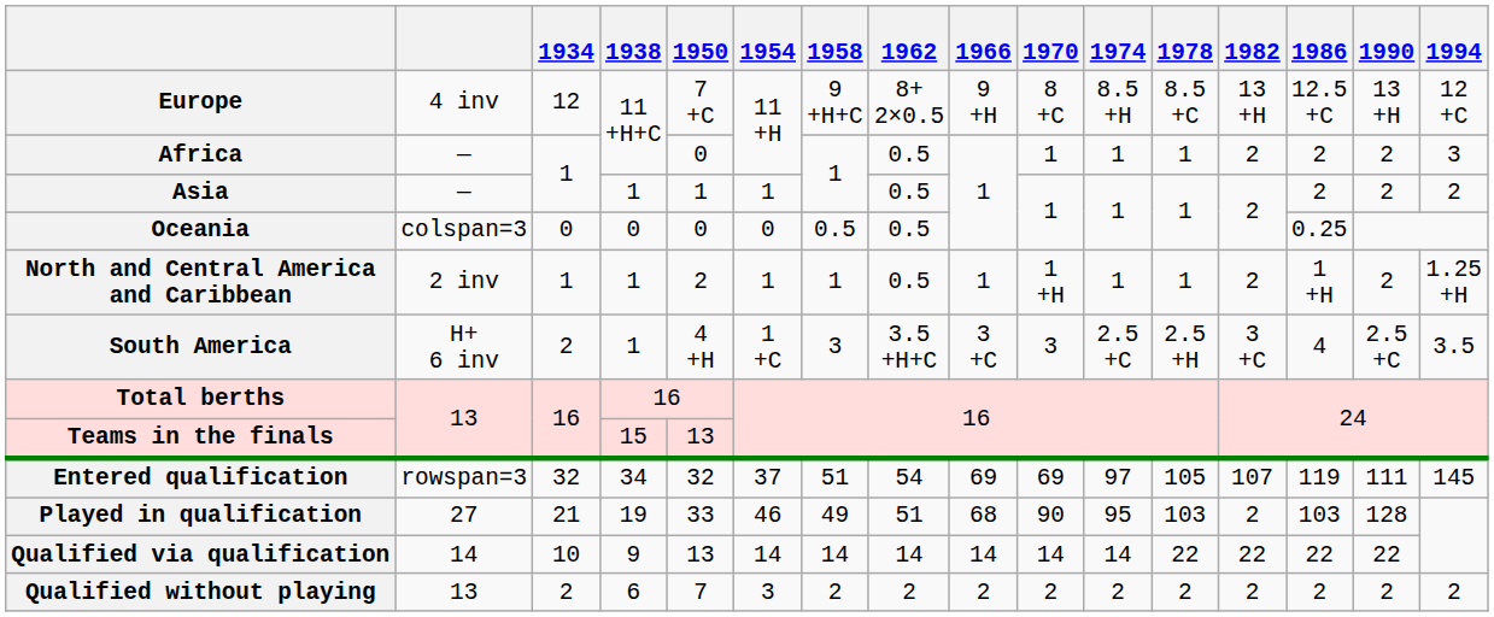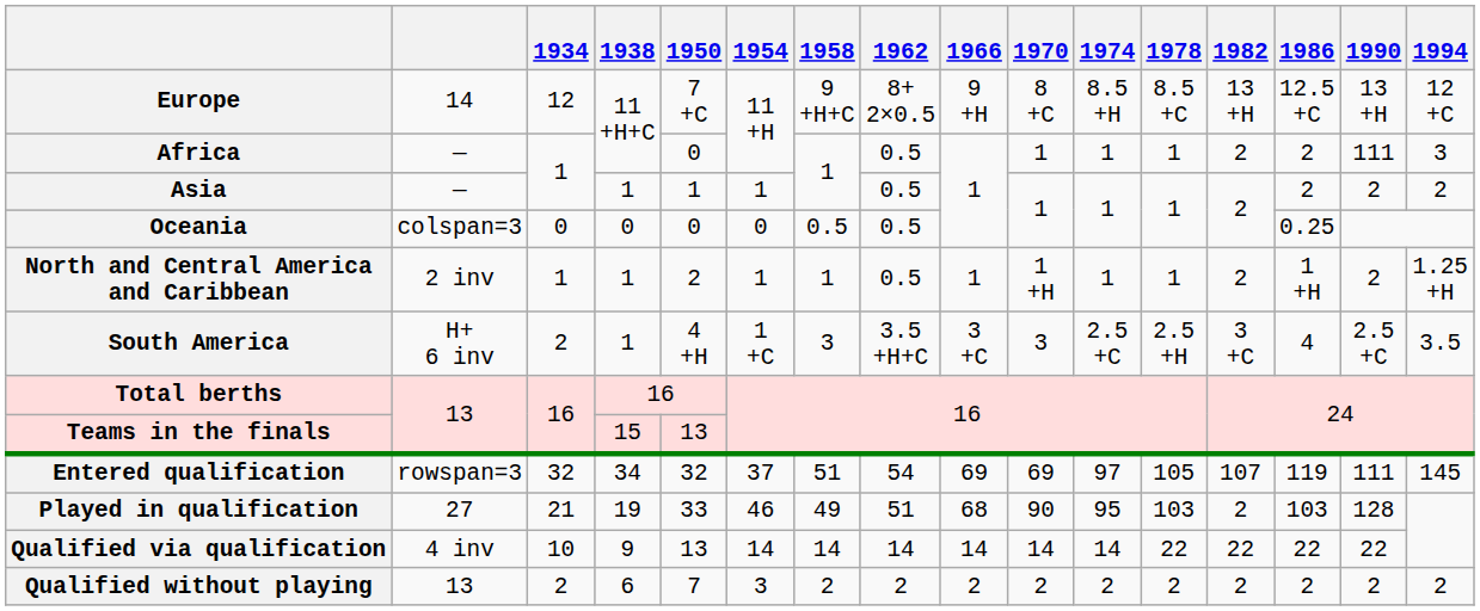 <table class="wikitable" style="text-align: center">
 <tr>
 <th></th>
 <th><br><br></th>
 <th><br><a href='#'>1934</a></th>
 <th><br><a href='#'>1938</a></th>
 <th><br><a href='#'>1950</a></th>
 <th><br><a href='#'>1954</a></th>
 <th><br><a href='#'>1958</a></th>
 <th><br><a href='#'>1962</a></th>
 <th><br><a href='#'>1966</a></th>
 <th><br><a href='#'>1970</a></th>
 <th><br><a href='#'>1974</a></th>
 <th><br><a href='#'>1978</a></th>
 <th><br><a href='#'>1982</a></th>
 <th><br><a href='#'>1986</a></th>
 <th><br><a href='#'>1990</a></th>
 <th><br><a href='#'>1994</a></th>
 </tr>
 <tr>
 <th>Europe</th>
-<td>4 inv</td>
+<td>14</td>
 <td>12</td>
 <td rowspan=2>11<br>+H+C</td>
 <td>7<br>+C</td>
 <td rowspan=2>11<br>+H</td>
 <td>9<br>+H+C</td>
 <td>8+<br>2×0.5</td>
 <td>9<br>+H</td>
 <td>8<br>+C</td>
 <td>8.5<br>+H</td>
 <td>8.5<br>+C</td>
 <td>13<br>+H</td>
 <td>12.5<br>+C</td>
 <td>13<br>+H</td>
 <td>12<br>+C</td>
 </tr>
 <tr>
 <th>Africa</th>
 <td>—</td>
 <td rowspan=2>1</td>
 <td>0</td>
 <td rowspan=2>1</td>
 <td>0.5</td>
 <td rowspan=3>1</td>
 <td>1</td>
 <td>1</td>
 <td>1</td>
 <td>2</td>
 <td>2</td>
-<td>2</td>
+<td>111</td>
 <td>3</td>
 </tr>
 <tr>
 <th>Asia</th>
 <td>—</td>
 <td>1</td>
 <td>1</td>
 <td>1</td>
 <td>0.5</td>
 <td rowspan=2>1</td>
 <td rowspan=2>1</td>
 <td rowspan=2>1</td>
 <td rowspan=2>2</td>
 <td>2</td>
 <td>2</td>
 <td>2</td>
 </tr>
 <tr>
 <th>Oceania</th>
 <td>colspan=3 </td>
 <td>0</td>
 <td>0</td>
 <td>0</td>
 <td>0</td>
 <td>0.5</td>
 <td>0.5</td>
 <td>0.25</td>
 </tr>
 <tr>
 <th>North and Central America<br>and Caribbean</th>
 <td>2 inv</td>
 <td>1</td>
 <td>1</td>
 <td>2</td>
 <td>1</td>
 <td>1</td>
 <td>0.5</td>
 <td>1</td>
 <td>1<br>+H</td>
 <td>1</td>
 <td>1</td>
 <td>2</td>
 <td>1<br>+H</td>
 <td>2</td>
 <td>1.25<br>+H</td>
 </tr>
 <tr>
 <th>South America</th>
 <td>H+<br>6 inv</td>
 <td>2</td>
 <td>1</td>
 <td>4<br>+H</td>
 <td>1<br>+C</td>
 <td>3</td>
 <td>3.5<br>+H+C</td>
 <td>3<br>+C</td>
 <td>3</td>
 <td>2.5<br>+C</td>
 <td>2.5<br>+H</td>
 <td>3<br>+C</td>
 <td>4</td>
 <td>2.5<br>+C</td>
 <td>3.5</td>
 </tr>
 <tr style="background:#fdd">
 <th style="background:#fdd">Total berths</th>
 <td rowspan=2>13</td>
 <td rowspan=2>16</td>
 <td colspan=2>16</td>
 <td colspan="7" rowspan="2">16</td>
 <td colspan="4" rowspan="2">24</td>
 </tr>
 <tr style="background:#fdd">
 <th style="background:#fdd">Teams in the finals</th>
 <td>15</td>
 <td>13</td>
 </tr>
 <tr style="border-top:3px solid green">
 <th>Entered qualification</th>
 <td>rowspan=3 </td>
 <td>32</td>
 <td>34</td>
 <td>32</td>
 <td>37</td>
 <td>51</td>
 <td>54</td>
 <td>69</td>
 <td>69</td>
 <td>97</td>
 <td>105</td>
 <td>107</td>
 <td>119</td>
 <td>111</td>
 <td>145</td>
 </tr>
 <tr>
 <th>Played in qualification</th>
 <td>27</td>
 <td>21</td>
 <td>19</td>
 <td>33</td>
 <td>46</td>
 <td>49</td>
 <td>51</td>
 <td>68</td>
 <td>90</td>
 <td>95</td>
 <td>103</td>
 <td>2</td>
 <td>103</td>
 <td>128</td>
 </tr>
 <tr>
 <th>Qualified via qualification</th>
-<td>14</td>
+<td>4 inv</td>
 <td>10</td>
 <td>9</td>
 <td>13</td>
 <td>14</td>
 <td>14</td>
 <td>14</td>
 <td>14</td>
 <td>14</td>
 <td>14</td>
 <td>22</td>
 <td>22</td>
 <td>22</td>
 <td>22</td>
 </tr>
 <tr>
 <th>Qualified without playing</th>
 <td>13</td>
 <td>2</td>
 <td>6</td>
 <td>7</td>
 <td>3</td>
 <td>2</td>
 <td>2</td>
 <td>2</td>
 <td>2</td>
 <td>2</td>
 <td>2</td>
 <td>2</td>
 <td>2</td>
 <td>2</td>
 <td>2</td>
 </tr>
 </table>
